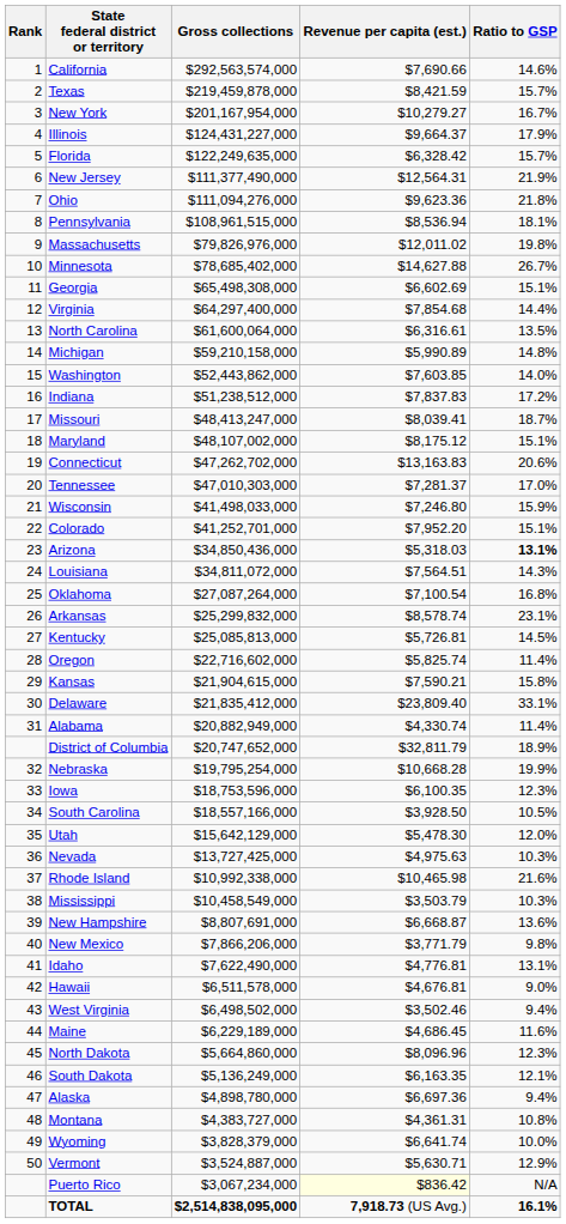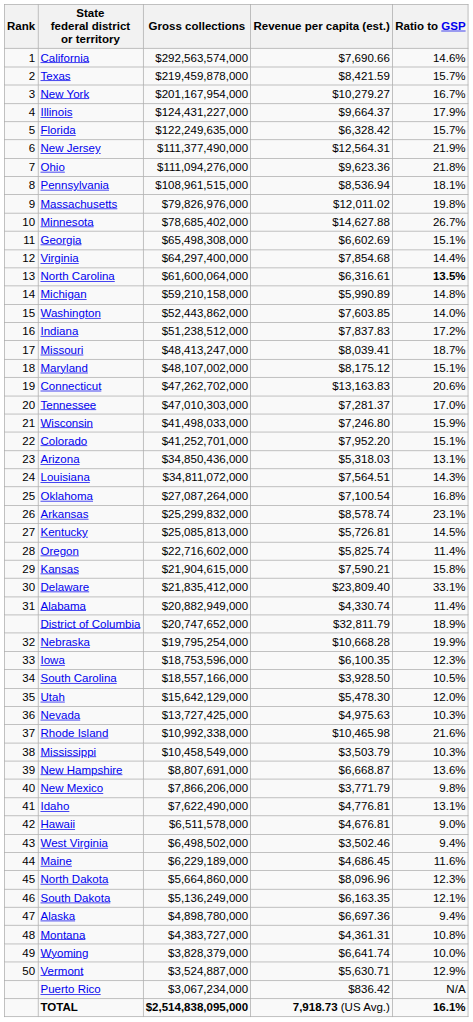 <table class="wikitable sortable">
 <tr>
 <th align=center>Rank</th>
 <th align=center>State<br>federal district<br> or territory</th>
 <th align=center>Gross collections</th>
 <th align=center>Revenue per capita (est.)</th>
 <th align=center>Ratio to <a href='#'>GSP</a></th>
 </tr>
 <tr>
 <td align=right>1</td>
 <td><a href='#'>California</a></td>
 <td align=right>$292,563,574,000</td>
 <td align=right>$7,690.66</td>
 <td align=right>14.6%</td>
 </tr>
 <tr>
 <td align=right>2</td>
 <td><a href='#'>Texas</a></td>
 <td align=right>$219,459,878,000</td>
 <td align=right>$8,421.59</td>
 <td align=right>15.7%</td>
 </tr>
 <tr>
 <td align=right>3</td>
 <td><a href='#'>New York</a></td>
 <td align=right>$201,167,954,000</td>
 <td align=right>$10,279.27</td>
 <td align=right>16.7%</td>
 </tr>
 <tr>
 <td align=right>4</td>
 <td><a href='#'>Illinois</a></td>
 <td align=right>$124,431,227,000</td>
 <td align=right>$9,664.37</td>
 <td align=right>17.9%</td>
 </tr>
 <tr>
 <td align=right>5</td>
 <td><a href='#'>Florida</a></td>
 <td align=right>$122,249,635,000</td>
 <td align=right>$6,328.42</td>
 <td align=right>15.7%</td>
 </tr>
 <tr>
 <td align=right>6</td>
 <td><a href='#'>New Jersey</a></td>
 <td align=right>$111,377,490,000</td>
 <td align=right>$12,564.31</td>
 <td align=right>21.9%</td>
 </tr>
 <tr>
 <td align=right>7</td>
 <td><a href='#'>Ohio</a></td>
 <td align=right>$111,094,276,000</td>
 <td align=right>$9,623.36</td>
 <td align=right>21.8%</td>
 </tr>
 <tr>
 <td align=right>8</td>
 <td><a href='#'>Pennsylvania</a></td>
 <td align=right>$108,961,515,000</td>
 <td align=right>$8,536.94</td>
 <td align=right>18.1%</td>
 </tr>
 <tr>
 <td align=right>9</td>
 <td><a href='#'>Massachusetts</a></td>
 <td align=right>$79,826,976,000</td>
 <td align=right>$12,011.02</td>
 <td align=right>19.8%</td>
 </tr>
 <tr>
 <td align=right>10</td>
 <td><a href='#'>Minnesota</a></td>
 <td align=right>$78,685,402,000</td>
 <td align=right>$14,627.88</td>
 <td align=right>26.7%</td>
 </tr>
 <tr>
 <td align=right>11</td>
 <td><a href='#'>Georgia</a></td>
 <td align=right>$65,498,308,000</td>
 <td align=right>$6,602.69</td>
 <td align=right>15.1%</td>
 </tr>
 <tr>
 <td align=right>12</td>
 <td><a href='#'>Virginia</a></td>
 <td align=right>$64,297,400,000</td>
 <td align=right>$7,854.68</td>
 <td align=right>14.4%</td>
 </tr>
 <tr>
 <td align=right>13</td>
 <td><a href='#'>North Carolina</a></td>
 <td align=right>$61,600,064,000</td>
 <td align=right>$6,316.61</td>
-<td align=right>13.5%</td>
+<td align=right><strong>13.5%</strong></td>
 </tr>
 <tr>
 <td align=right>14</td>
 <td><a href='#'>Michigan</a></td>
 <td align=right>$59,210,158,000</td>
 <td align=right>$5,990.89</td>
 <td align=right>14.8%</td>
 </tr>
 <tr>
 <td align=right>15</td>
 <td><a href='#'>Washington</a></td>
 <td align=right>$52,443,862,000</td>
 <td align=right>$7,603.85</td>
 <td align=right>14.0%</td>
 </tr>
 <tr>
 <td align=right>16</td>
 <td><a href='#'>Indiana</a></td>
 <td align=right>$51,238,512,000</td>
 <td align=right>$7,837.83</td>
 <td align=right>17.2%</td>
 </tr>
 <tr>
 <td align=right>17</td>
 <td><a href='#'>Missouri</a></td>
 <td align=right>$48,413,247,000</td>
 <td align=right>$8,039.41</td>
 <td align=right>18.7%</td>
 </tr>
 <tr>
 <td align=right>18</td>
 <td><a href='#'>Maryland</a></td>
 <td align=right>$48,107,002,000</td>
 <td align=right>$8,175.12</td>
 <td align=right>15.1%</td>
 </tr>
 <tr>
 <td align=right>19</td>
 <td><a href='#'>Connecticut</a></td>
 <td align=right>$47,262,702,000</td>
 <td align=right>$13,163.83</td>
 <td align=right>20.6%</td>
 </tr>
 <tr>
 <td align=right>20</td>
 <td><a href='#'>Tennessee</a></td>
 <td align=right>$47,010,303,000</td>
 <td align=right>$7,281.37</td>
 <td align=right>17.0%</td>
 </tr>
 <tr>
 <td align=right>21</td>
 <td><a href='#'>Wisconsin</a></td>
 <td align=right>$41,498,033,000</td>
 <td align=right>$7,246.80</td>
 <td align=right>15.9%</td>
 </tr>
 <tr>
 <td align=right>22</td>
 <td><a href='#'>Colorado</a></td>
 <td align=right>$41,252,701,000</td>
 <td align=right>$7,952.20</td>
 <td align=right>15.1%</td>
 </tr>
 <tr>
 <td align=right>23</td>
 <td><a href='#'>Arizona</a></td>
 <td align=right>$34,850,436,000</td>
 <td align=right>$5,318.03</td>
-<td align=right><strong>13.1%</strong></td>
+<td align=right>13.1%</td>
 </tr>
 <tr>
 <td align=right>24</td>
 <td><a href='#'>Louisiana</a></td>
 <td align=right>$34,811,072,000</td>
 <td align=right>$7,564.51</td>
 <td align=right>14.3%</td>
 </tr>
 <tr>
 <td align=right>25</td>
 <td><a href='#'>Oklahoma</a></td>
 <td align=right>$27,087,264,000</td>
 <td align=right>$7,100.54</td>
 <td align=right>16.8%</td>
 </tr>
 <tr>
 <td align=right>26</td>
 <td><a href='#'>Arkansas</a></td>
 <td align=right>$25,299,832,000</td>
 <td align=right>$8,578.74</td>
 <td align=right>23.1%</td>
 </tr>
 <tr>
 <td align=right>27</td>
 <td><a href='#'>Kentucky</a></td>
 <td align=right>$25,085,813,000</td>
 <td align=right>$5,726.81</td>
 <td align=right>14.5%</td>
 </tr>
 <tr>
 <td align=right>28</td>
 <td><a href='#'>Oregon</a></td>
 <td align=right>$22,716,602,000</td>
 <td align=right>$5,825.74</td>
 <td align=right>11.4%</td>
 </tr>
 <tr>
 <td align=right>29</td>
 <td><a href='#'>Kansas</a></td>
 <td align=right>$21,904,615,000</td>
 <td align=right>$7,590.21</td>
 <td align=right>15.8%</td>
 </tr>
 <tr>
 <td align=right>30</td>
 <td><a href='#'>Delaware</a></td>
 <td align=right>$21,835,412,000</td>
 <td align=right>$23,809.40</td>
 <td align=right>33.1%</td>
 </tr>
 <tr>
 <td align=right>31</td>
 <td><a href='#'>Alabama</a></td>
 <td align=right>$20,882,949,000</td>
 <td align=right>$4,330.74</td>
 <td align=right>11.4%</td>
 </tr>
 <tr>
 <td></td>
 <td><a href='#'>District of Columbia</a></td>
 <td align=right>$20,747,652,000</td>
 <td align=right>$32,811.79</td>
 <td align=right>18.9%</td>
 </tr>
 <tr>
 <td align=right>32</td>
 <td><a href='#'>Nebraska</a></td>
 <td align=right>$19,795,254,000</td>
 <td align=right>$10,668.28</td>
 <td align=right>19.9%</td>
 </tr>
 <tr>
 <td align=right>33</td>
 <td><a href='#'>Iowa</a></td>
 <td align=right>$18,753,596,000</td>
 <td align=right>$6,100.35</td>
 <td align=right>12.3%</td>
 </tr>
 <tr>
 <td align=right>34</td>
 <td><a href='#'>South Carolina</a></td>
 <td align=right>$18,557,166,000</td>
 <td align=right>$3,928.50</td>
 <td align=right>10.5%</td>
 </tr>
 <tr>
 <td align=right>35</td>
 <td><a href='#'>Utah</a></td>
 <td align=right>$15,642,129,000</td>
 <td align=right>$5,478.30</td>
 <td align=right>12.0%</td>
 </tr>
 <tr>
 <td align=right>36</td>
 <td><a href='#'>Nevada</a></td>
 <td align=right>$13,727,425,000</td>
 <td align=right>$4,975.63</td>
 <td align=right>10.3%</td>
 </tr>
 <tr>
 <td align=right>37</td>
 <td><a href='#'>Rhode Island</a></td>
 <td align=right>$10,992,338,000</td>
 <td align=right>$10,465.98</td>
 <td align=right>21.6%</td>
 </tr>
 <tr>
 <td align=right>38</td>
 <td><a href='#'>Mississippi</a></td>
 <td align=right>$10,458,549,000</td>
 <td align=right>$3,503.79</td>
 <td align=right>10.3%</td>
 </tr>
 <tr>
 <td align=right>39</td>
 <td><a href='#'>New Hampshire</a></td>
 <td align=right>$8,807,691,000</td>
 <td align=right>$6,668.87</td>
 <td align=right>13.6%</td>
 </tr>
 <tr>
 <td align=right>40</td>
 <td><a href='#'>New Mexico</a></td>
 <td align=right>$7,866,206,000</td>
 <td align=right>$3,771.79</td>
 <td align=right>9.8%</td>
 </tr>
 <tr>
 <td align=right>41</td>
 <td><a href='#'>Idaho</a></td>
 <td align=right>$7,622,490,000</td>
 <td align=right>$4,776.81</td>
 <td align=right>13.1%</td>
 </tr>
 <tr>
 <td align=right>42</td>
 <td><a href='#'>Hawaii</a></td>
 <td align=right>$6,511,578,000</td>
 <td align=right>$4,676.81</td>
 <td align=right>9.0%</td>
 </tr>
 <tr>
 <td align=right>43</td>
 <td><a href='#'>West Virginia</a></td>
 <td align=right>$6,498,502,000</td>
 <td align=right>$3,502.46</td>
 <td align=right>9.4%</td>
 </tr>
 <tr>
 <td align=right>44</td>
 <td><a href='#'>Maine</a></td>
 <td align=right>$6,229,189,000</td>
 <td align=right>$4,686.45</td>
 <td align=right>11.6%</td>
 </tr>
 <tr>
 <td align=right>45</td>
 <td><a href='#'>North Dakota</a></td>
 <td align=right>$5,664,860,000</td>
 <td align=right>$8,096.96</td>
 <td align=right>12.3%</td>
 </tr>
 <tr>
 <td align=right>46</td>
 <td><a href='#'>South Dakota</a></td>
 <td align=right>$5,136,249,000</td>
 <td align=right>$6,163.35</td>
 <td align=right>12.1%</td>
 </tr>
 <tr>
 <td align=right>47</td>
 <td><a href='#'>Alaska</a></td>
 <td align=right>$4,898,780,000</td>
 <td align=right>$6,697.36</td>
 <td align=right>9.4%</td>
 </tr>
 <tr>
 <td align=right>48</td>
 <td><a href='#'>Montana</a></td>
 <td align=right>$4,383,727,000</td>
 <td align=right>$4,361.31</td>
 <td align=right>10.8%</td>
 </tr>
 <tr>
 <td align=right>49</td>
 <td><a href='#'>Wyoming</a></td>
 <td align=right>$3,828,379,000</td>
 <td align=right>$6,641.74</td>
 <td align=right>10.0%</td>
 </tr>
 <tr>
 <td align=right>50</td>
 <td><a href='#'>Vermont</a></td>
 <td align=right>$3,524,887,000</td>
 <td align=right>$5,630.71</td>
 <td align=right>12.9%</td>
 </tr>
 <tr>
 <td></td>
 <td><a href='#'>Puerto Rico</a></td>
 <td align=right>$3,067,234,000</td>
-<td align=right style="background: lightyellow;">$836.42</td>
+<td align=right>$836.42</td>
 <td align=right>N/A</td>
 </tr>
 <tr class="sortbottom">
 <td></td>
 <td><strong>TOTAL</strong></td>
 <td align=right><strong>$2,514,838,095,000</strong></td>
 <td align=right><strong>7,918.73</strong> (US Avg.)</td>
 <td align=right><strong>16.1%</strong></td>
 </tr>
 </table>
